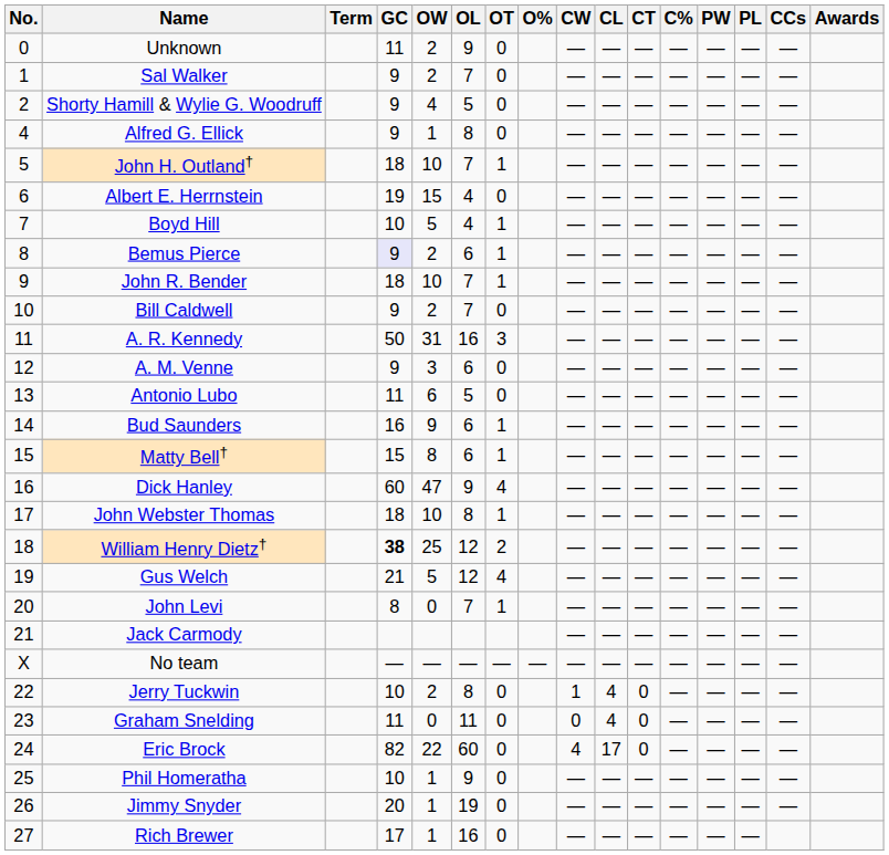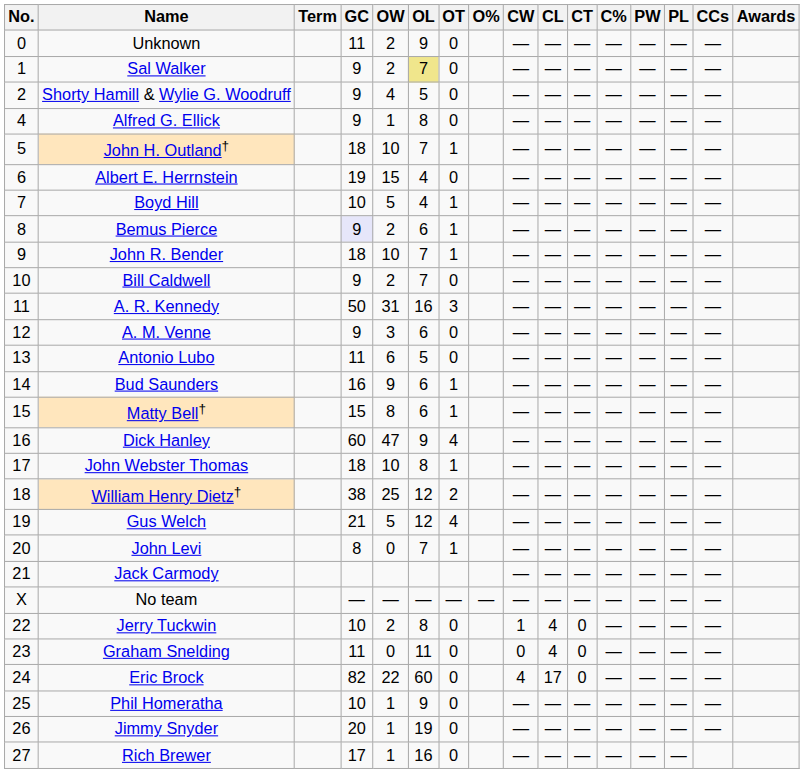 <table class="wikitable sortable" style="text-align:center">
 <tr>
 <th>No.</th>
 <th>Name</th>
 <th>Term</th>
 <th>GC</th>
 <th>OW</th>
 <th>OL</th>
 <th>OT</th>
 <th>O%</th>
 <th>CW</th>
 <th>CL</th>
 <th>CT</th>
 <th>C%</th>
 <th>PW</th>
 <th>PL</th>
 <th>CCs</th>
 <th class="unsortable">Awards</th>
 </tr>
 <tr>
 <td>0</td>
 <td>Unknown</td>
 <td></td>
 <td>11</td>
 <td>2</td>
 <td>9</td>
 <td>0</td>
 <td></td>
 <td>—</td>
 <td>—</td>
 <td>—</td>
 <td>—</td>
 <td>—</td>
 <td>—</td>
 <td>—</td>
 <td></td>
 </tr>
 <tr>
 <td>1</td>
 <td><a href='#'>Sal Walker</a></td>
 <td></td>
 <td>9</td>
 <td>2</td>
-<td>7</td>
+<td style="background: khaki;">7</td>
 <td>0</td>
 <td></td>
 <td>—</td>
 <td>—</td>
 <td>—</td>
 <td>—</td>
 <td>—</td>
 <td>—</td>
 <td>—</td>
 <td></td>
 </tr>
 <tr>
 <td>2</td>
 <td><a href='#'>Shorty Hamill</a> & <a href='#'>Wylie G. Woodruff</a></td>
 <td></td>
 <td>9</td>
 <td>4</td>
 <td>5</td>
 <td>0</td>
 <td></td>
 <td>—</td>
 <td>—</td>
 <td>—</td>
 <td>—</td>
 <td>—</td>
 <td>—</td>
 <td>—</td>
 <td></td>
 </tr>
 <tr>
 <td>4</td>
 <td><a href='#'>Alfred G. Ellick</a></td>
 <td></td>
 <td>9</td>
 <td>1</td>
 <td>8</td>
 <td>0</td>
 <td></td>
 <td>—</td>
 <td>—</td>
 <td>—</td>
 <td>—</td>
 <td>—</td>
 <td>—</td>
 <td>—</td>
 <td></td>
 </tr>
 <tr>
 <td>5</td>
 <td bgcolor=#FFE6BD><a href='#'>John H. Outland</a><sup>†</sup></td>
 <td></td>
 <td>18</td>
 <td>10</td>
 <td>7</td>
 <td>1</td>
 <td></td>
 <td>—</td>
 <td>—</td>
 <td>—</td>
 <td>—</td>
 <td>—</td>
 <td>—</td>
 <td>—</td>
 <td></td>
 </tr>
 <tr>
 <td>6</td>
 <td><a href='#'>Albert E. Herrnstein</a></td>
 <td></td>
 <td>19</td>
 <td>15</td>
 <td>4</td>
 <td>0</td>
 <td></td>
 <td>—</td>
 <td>—</td>
 <td>—</td>
 <td>—</td>
 <td>—</td>
 <td>—</td>
 <td>—</td>
 <td></td>
 </tr>
 <tr>
 <td>7</td>
 <td><a href='#'>Boyd Hill</a></td>
 <td></td>
 <td>10</td>
 <td>5</td>
 <td>4</td>
 <td>1</td>
 <td></td>
 <td>—</td>
 <td>—</td>
 <td>—</td>
 <td>—</td>
 <td>—</td>
 <td>—</td>
 <td>—</td>
 <td></td>
 </tr>
 <tr>
 <td>8</td>
 <td><a href='#'>Bemus Pierce</a></td>
 <td></td>
 <td style="background: lavender;">9</td>
 <td>2</td>
 <td>6</td>
 <td>1</td>
 <td></td>
 <td>—</td>
 <td>—</td>
 <td>—</td>
 <td>—</td>
 <td>—</td>
 <td>—</td>
 <td>—</td>
 <td></td>
 </tr>
 <tr>
 <td>9</td>
 <td><a href='#'>John R. Bender</a></td>
 <td></td>
 <td>18</td>
 <td>10</td>
 <td>7</td>
 <td>1</td>
 <td></td>
 <td>—</td>
 <td>—</td>
 <td>—</td>
 <td>—</td>
 <td>—</td>
 <td>—</td>
 <td>—</td>
 <td></td>
 </tr>
 <tr>
 <td>10</td>
 <td><a href='#'>Bill Caldwell</a></td>
 <td></td>
 <td>9</td>
 <td>2</td>
 <td>7</td>
 <td>0</td>
 <td></td>
 <td>—</td>
 <td>—</td>
 <td>—</td>
 <td>—</td>
 <td>—</td>
 <td>—</td>
 <td>—</td>
 <td></td>
 </tr>
 <tr>
 <td>11</td>
 <td><a href='#'>A. R. Kennedy</a></td>
 <td></td>
 <td>50</td>
 <td>31</td>
 <td>16</td>
 <td>3</td>
 <td></td>
 <td>—</td>
 <td>—</td>
 <td>—</td>
 <td>—</td>
 <td>—</td>
 <td>—</td>
 <td>—</td>
 <td></td>
 </tr>
 <tr>
 <td>12</td>
 <td><a href='#'>A. M. Venne</a></td>
 <td></td>
 <td>9</td>
 <td>3</td>
 <td>6</td>
 <td>0</td>
 <td></td>
 <td>—</td>
 <td>—</td>
 <td>—</td>
 <td>—</td>
 <td>—</td>
 <td>—</td>
 <td>—</td>
 <td></td>
 </tr>
 <tr>
 <td>13</td>
 <td><a href='#'>Antonio Lubo</a></td>
 <td></td>
 <td>11</td>
 <td>6</td>
 <td>5</td>
 <td>0</td>
 <td></td>
 <td>—</td>
 <td>—</td>
 <td>—</td>
 <td>—</td>
 <td>—</td>
 <td>—</td>
 <td>—</td>
 <td></td>
 </tr>
 <tr>
 <td>14</td>
 <td><a href='#'>Bud Saunders</a></td>
 <td></td>
 <td>16</td>
 <td>9</td>
 <td>6</td>
 <td>1</td>
 <td></td>
 <td>—</td>
 <td>—</td>
 <td>—</td>
 <td>—</td>
 <td>—</td>
 <td>—</td>
 <td>—</td>
 <td></td>
 </tr>
 <tr>
 <td>15</td>
 <td bgcolor=#FFE6BD><a href='#'>Matty Bell</a><sup>†</sup></td>
 <td></td>
 <td>15</td>
 <td>8</td>
 <td>6</td>
 <td>1</td>
 <td></td>
 <td>—</td>
 <td>—</td>
 <td>—</td>
 <td>—</td>
 <td>—</td>
 <td>—</td>
 <td>—</td>
 <td></td>
 </tr>
 <tr>
 <td>16</td>
 <td><a href='#'>Dick Hanley</a></td>
 <td></td>
 <td>60</td>
 <td>47</td>
 <td>9</td>
 <td>4</td>
 <td></td>
 <td>—</td>
 <td>—</td>
 <td>—</td>
 <td>—</td>
 <td>—</td>
 <td>—</td>
 <td>—</td>
 <td></td>
 </tr>
 <tr>
 <td>17</td>
 <td><a href='#'>John Webster Thomas</a></td>
 <td></td>
 <td>18</td>
 <td>10</td>
 <td>8</td>
 <td>1</td>
 <td></td>
 <td>—</td>
 <td>—</td>
 <td>—</td>
 <td>—</td>
 <td>—</td>
 <td>—</td>
 <td>—</td>
 <td></td>
 </tr>
 <tr>
 <td>18</td>
 <td bgcolor=#FFE6BD><a href='#'>William Henry Dietz</a><sup>†</sup></td>
 <td></td>
-<td><strong>38</strong></td>
+<td>38</td>
 <td>25</td>
 <td>12</td>
 <td>2</td>
 <td></td>
 <td>—</td>
 <td>—</td>
 <td>—</td>
 <td>—</td>
 <td>—</td>
 <td>—</td>
 <td>—</td>
 <td></td>
 </tr>
 <tr>
 <td>19</td>
 <td><a href='#'>Gus Welch</a></td>
 <td></td>
 <td>21</td>
 <td>5</td>
 <td>12</td>
 <td>4</td>
 <td></td>
 <td>—</td>
 <td>—</td>
 <td>—</td>
 <td>—</td>
 <td>—</td>
 <td>—</td>
 <td>—</td>
 <td></td>
 </tr>
 <tr>
 <td>20</td>
 <td><a href='#'>John Levi</a></td>
 <td></td>
 <td>8</td>
 <td>0</td>
 <td>7</td>
 <td>1</td>
 <td></td>
 <td>—</td>
 <td>—</td>
 <td>—</td>
 <td>—</td>
 <td>—</td>
 <td>—</td>
 <td>—</td>
 <td></td>
 </tr>
 <tr>
 <td>21</td>
 <td><a href='#'>Jack Carmody</a></td>
 <td></td>
 <td></td>
 <td></td>
 <td></td>
 <td></td>
 <td></td>
 <td>—</td>
 <td>—</td>
 <td>—</td>
 <td>—</td>
 <td>—</td>
 <td>—</td>
 <td>—</td>
 <td></td>
 </tr>
 <tr>
 <td>X</td>
 <td>No team</td>
 <td></td>
 <td>—</td>
 <td>—</td>
 <td>—</td>
 <td>—</td>
 <td>—</td>
 <td>—</td>
 <td>—</td>
 <td>—</td>
 <td>—</td>
 <td>—</td>
 <td>—</td>
 <td>—</td>
 <td></td>
 </tr>
 <tr>
 <td>22</td>
 <td><a href='#'>Jerry Tuckwin</a></td>
 <td></td>
 <td>10</td>
 <td>2</td>
 <td>8</td>
 <td>0</td>
 <td></td>
 <td>1</td>
 <td>4</td>
 <td>0</td>
 <td>—</td>
 <td>—</td>
 <td>—</td>
 <td>—</td>
 <td></td>
 </tr>
 <tr>
 <td>23</td>
 <td><a href='#'>Graham Snelding</a></td>
 <td></td>
 <td>11</td>
 <td>0</td>
 <td>11</td>
 <td>0</td>
 <td></td>
 <td>0</td>
 <td>4</td>
 <td>0</td>
 <td>—</td>
 <td>—</td>
 <td>—</td>
 <td>—</td>
 <td></td>
 </tr>
 <tr>
 <td>24</td>
 <td><a href='#'>Eric Brock</a></td>
 <td></td>
 <td>82</td>
 <td>22</td>
 <td>60</td>
 <td>0</td>
 <td></td>
 <td>4</td>
 <td>17</td>
 <td>0</td>
 <td>—</td>
 <td>—</td>
 <td>—</td>
 <td>—</td>
 <td></td>
 </tr>
 <tr>
 <td>25</td>
 <td><a href='#'>Phil Homeratha</a></td>
 <td></td>
 <td>10</td>
 <td>1</td>
 <td>9</td>
 <td>0</td>
 <td></td>
 <td>—</td>
 <td>—</td>
 <td>—</td>
 <td>—</td>
 <td>—</td>
 <td>—</td>
 <td>—</td>
 <td></td>
 </tr>
 <tr>
 <td>26</td>
 <td><a href='#'>Jimmy Snyder</a></td>
 <td></td>
 <td>20</td>
 <td>1</td>
 <td>19</td>
 <td>0</td>
 <td></td>
 <td>—</td>
 <td>—</td>
 <td>—</td>
 <td>—</td>
 <td>—</td>
 <td>—</td>
 <td>—</td>
 <td></td>
 </tr>
 <tr>
 <td>27</td>
 <td><a href='#'>Rich Brewer</a></td>
 <td></td>
 <td>17</td>
 <td>1</td>
 <td>16</td>
 <td>0</td>
 <td></td>
 <td>—</td>
 <td>—</td>
 <td>—</td>
 <td>—</td>
 <td>—</td>
 <td>—</td>
 <td></td>
 </tr>
 </table>
